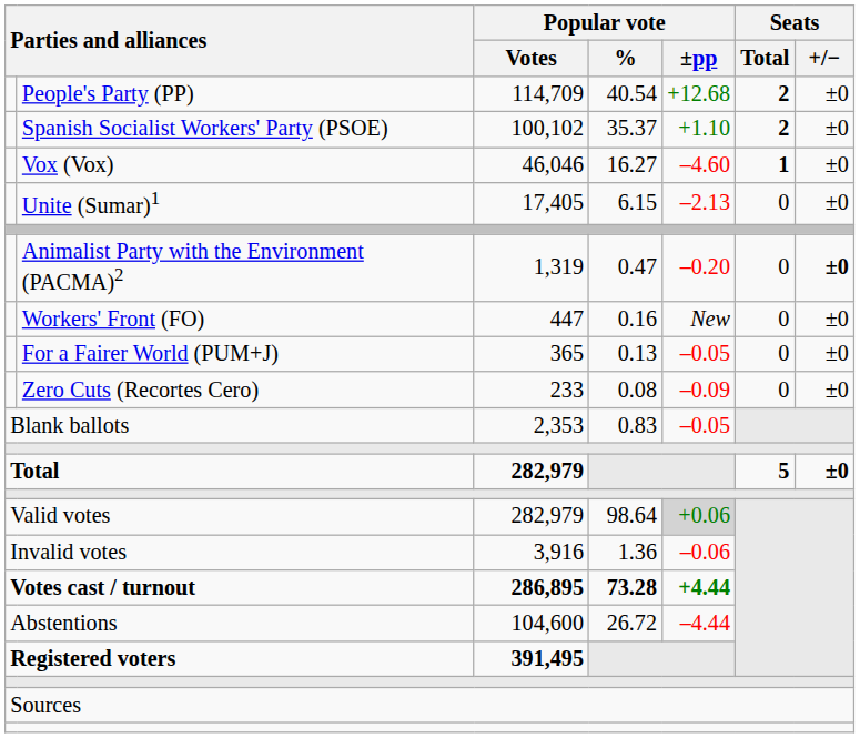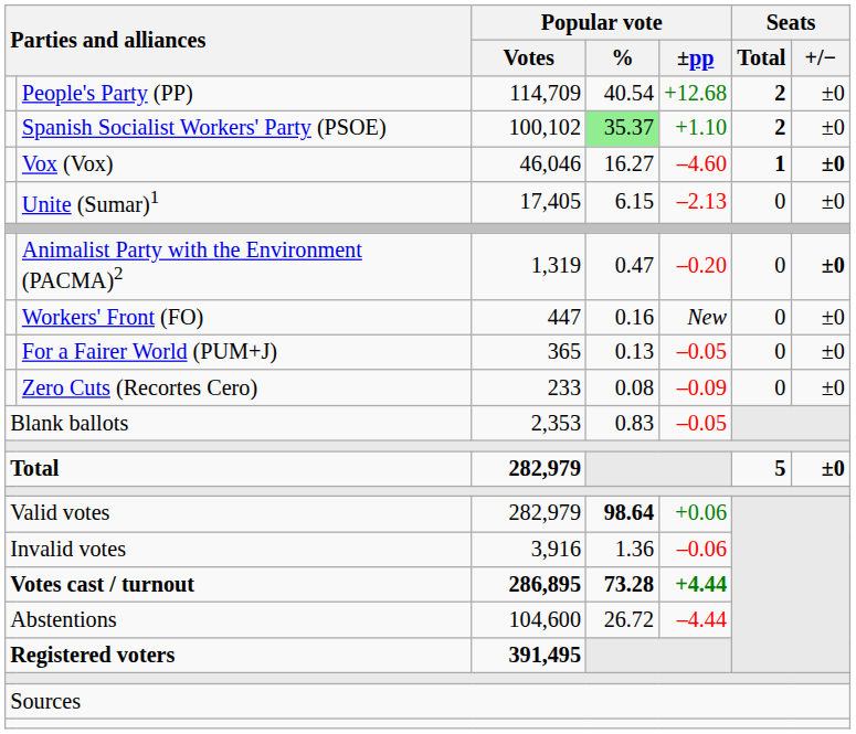 <table class="wikitable" style="text-align:right;">
 <tr>
 <th style="text-align:left;" rowspan="2" colspan="2" width="525">Parties and alliances</th>
 <th colspan="3">Popular vote</th>
 <th colspan="2">Seats</th>
 </tr>
 <tr>
 <th width="75">Votes</th>
 <th width="45">%</th>
 <th width="45">±<a href='#'>pp</a></th>
 <th width="35">Total</th>
 <th width="35">+/−</th>
 </tr>
 <tr>
 <td width="1" style="color:inherit;background:"></td>
 <td align="left"><a href='#'>People's Party</a> (PP)</td>
 <td>114,709</td>
 <td>40.54</td>
 <td style="color:green;">+12.68</td>
 <td><strong>2</strong></td>
 <td>±0</td>
 </tr>
 <tr>
 <td style="color:inherit;background:"></td>
 <td align="left"><a href='#'>Spanish Socialist Workers' Party</a> (PSOE)</td>
 <td>100,102</td>
-<td>35.37</td>
+<td style="background: lightgreen;">35.37</td>
 <td style="color:green;">+1.10</td>
 <td><strong>2</strong></td>
 <td>±0</td>
 </tr>
 <tr>
 <td style="color:inherit;background:"></td>
 <td align="left"><a href='#'>Vox</a> (Vox)</td>
 <td>46,046</td>
 <td>16.27</td>
 <td style="color:red;">–4.60</td>
 <td><strong>1</strong></td>
-<td>±0</td>
+<td><strong>±0</strong></td>
 </tr>
 <tr>
 <td style="color:inherit;background:"></td>
 <td align="left"><a href='#'>Unite</a> (Sumar)<sup>1</sup></td>
 <td>17,405</td>
 <td>6.15</td>
 <td style="color:red;">–2.13</td>
 <td>0</td>
 <td>±0</td>
 </tr>
 <tr>
 <td colspan="7" bgcolor="#C0C0C0"></td>
 </tr>
 <tr>
 <td style="color:inherit;background:"></td>
 <td align="left"><a href='#'>Animalist Party with the Environment</a> (PACMA)<sup>2</sup></td>
 <td>1,319</td>
 <td>0.47</td>
 <td style="color:red;">–0.20</td>
 <td>0</td>
 <td><strong>±0</strong></td>
 </tr>
 <tr>
 <td style="color:inherit;background:"></td>
 <td align="left"><a href='#'>Workers' Front</a> (FO)</td>
 <td>447</td>
 <td>0.16</td>
 <td><em>New</em></td>
 <td>0</td>
 <td>±0</td>
 </tr>
 <tr>
 <td style="color:inherit;background:"></td>
 <td align="left"><a href='#'>For a Fairer World</a> (PUM+J)</td>
 <td>365</td>
 <td>0.13</td>
 <td style="color:red;">–0.05</td>
 <td>0</td>
 <td>±0</td>
 </tr>
 <tr>
 <td style="color:inherit;background:"></td>
 <td align="left"><a href='#'>Zero Cuts</a> (Recortes Cero)</td>
 <td>233</td>
 <td>0.08</td>
 <td style="color:red;">–0.09</td>
 <td>0</td>
 <td>±0</td>
 </tr>
 <tr>
 <td align="left" colspan="2">Blank ballots</td>
 <td>2,353</td>
 <td>0.83</td>
 <td style="color:red;">–0.05</td>
 <td bgcolor="#E9E9E9" colspan="2"></td>
 </tr>
 <tr>
 <td colspan="7" bgcolor="#E9E9E9"></td>
 </tr>
 <tr style="font-weight:bold;">
 <td align="left" colspan="2">Total</td>
 <td>282,979</td>
 <td bgcolor="#E9E9E9" colspan="2"></td>
 <td>5</td>
 <td>±0</td>
 </tr>
 <tr>
 <td colspan="7" bgcolor="#E9E9E9"></td>
 </tr>
 <tr>
 <td align="left" colspan="2">Valid votes</td>
 <td>282,979</td>
-<td>98.64</td>
-<td style="background: lightgrey; color:green;">+0.06</td>
+<td><strong>98.64</strong></td>
+<td style="color:green;">+0.06</td>
 <td bgcolor="#E9E9E9" colspan="2" rowspan="5"></td>
 </tr>
 <tr>
 <td align="left" colspan="2">Invalid votes</td>
 <td>3,916</td>
 <td>1.36</td>
 <td style="color:red;">–0.06</td>
 </tr>
 <tr style="font-weight:bold;">
 <td align="left" colspan="2">Votes cast / turnout</td>
 <td>286,895</td>
 <td>73.28</td>
 <td style="color:green;">+4.44</td>
 </tr>
 <tr>
 <td align="left" colspan="2">Abstentions</td>
 <td>104,600</td>
 <td>26.72</td>
 <td style="color:red;">–4.44</td>
 </tr>
 <tr style="font-weight:bold;">
 <td align="left" colspan="2">Registered voters</td>
 <td>391,495</td>
 <td bgcolor="#E9E9E9" colspan="2"></td>
 </tr>
 <tr>
 <td colspan="7" bgcolor="#E9E9E9"></td>
 </tr>
 <tr>
 <td align="left" colspan="7">Sources</td>
 </tr>
 <tr>
 <td colspan="7" style="text-align:left; max-width:790px;"></td>
 </tr>
 </table>
